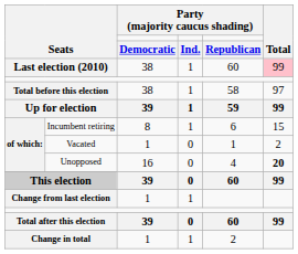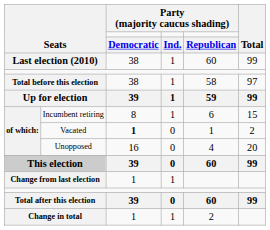 <table class=wikitable style="text-align:center">
 <tr style="vertical-align:bottom;">
 <th rowspan=3 colspan=2>Seats</th>
 <th colspan=3>Party <div>(majority caucus shading)</div></th>
 <th rowspan=3>Total</th>
 </tr>
 <tr style="height:5px">
 <td style="background-color:"></td>
 <td style="background-color:"></td>
 <td style="background-color:"></td>
 </tr>
 <tr>
 <th><a href='#'>Democratic</a></th>
 <th><a href='#'>Ind.</a></th>
 <th><a href='#'>Republican</a></th>
 </tr>
 <tr>
 <th nowrap colspan=2>Last election (2010)</th>
 <td>38</td>
 <td>1</td>
 <td>60</td>
-<td style="background: pink;">99</td>
+<td>99</td>
 </tr>
 <tr>
 <td colspan=6></td>
 </tr>
 <tr>
 <th nowrap style="font-size:80%" colspan=2>Total before this election</th>
 <td>38</td>
 <td>1</td>
 <td>58</td>
 <td>97</td>
 </tr>
 <tr>
 <th colspan=2>Up for election</th>
 <th>39</th>
 <th>1</th>
 <th>59</th>
 <th>99</th>
 </tr>
 <tr>
 <th style="font-size:80%" rowspan=3>of which:</th>
 <td nowrap style="font-size:80%">Incumbent retiring</td>
 <td>8</td>
 <td>1</td>
 <td>6</td>
 <td>15</td>
 </tr>
 <tr>
 <td nowrap style="font-size:80%">Vacated</td>
-<td>1</td>
+<td><strong>1</strong></td>
 <td>0</td>
 <td>1</td>
 <td>2</td>
 </tr>
 <tr>
 <td nowrap style="font-size:80%">Unopposed</td>
 <td>16</td>
 <td>0</td>
 <td>4</td>
-<td><strong>20</strong></td>
+<td>20</td>
 </tr>
 <tr>
 <th style="background:#ccc" colspan=2>This election</th>
 <th>39</th>
 <th>0</th>
 <th>60</th>
 <th>99</th>
 </tr>
 <tr>
 <th nowrap style="font-size:80%"  colspan=2>Change from last election</th>
 <td> 1</td>
 <td> 1</td>
 <td></td>
 </tr>
 <tr>
 <td colspan=6></td>
 </tr>
 <tr>
 <th nowrap style="font-size:80%" colspan=2>Total after this election</th>
 <th>39</th>
 <th>0</th>
 <th>60</th>
 <th>99</th>
 </tr>
 <tr>
 <th nowrap style="font-size:80%"  colspan=2>Change in total</th>
 <td> 1</td>
 <td> 1</td>
 <td> 2</td>
 </tr>
 </table>
